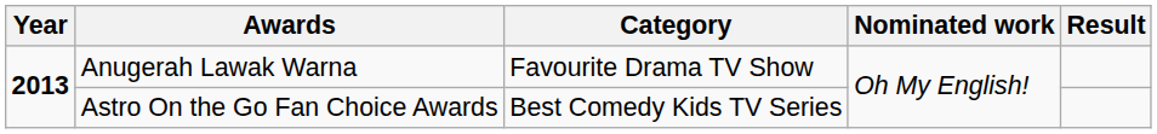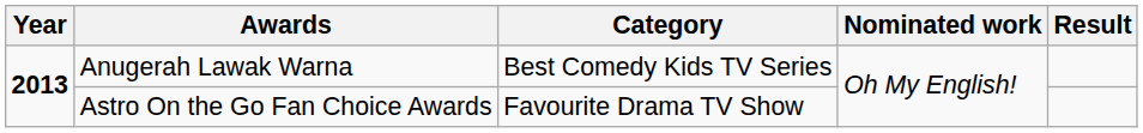 <table class="wikitable">
 <tr>
 <th><strong>Year</strong></th>
 <th><strong>Awards</strong></th>
 <th><strong>Category</strong></th>
 <th><strong>Nominated work</strong></th>
 <th><strong>Result</strong></th>
 </tr>
 <tr>
 <td rowspan="2" align="center"><strong>2013</strong></td>
 <td>Anugerah Lawak Warna</td>
-<td>Favourite Drama TV Show</td>
+<td>Best Comedy Kids TV Series</td>
 <td rowspan="2"><em>Oh My English!</em></td>
 <td></td>
 </tr>
 <tr>
 <td>Astro On the Go Fan Choice Awards</td>
-<td>Best Comedy Kids TV Series</td>
+<td>Favourite Drama TV Show</td>
 <td></td>
 </tr>
 </table>
